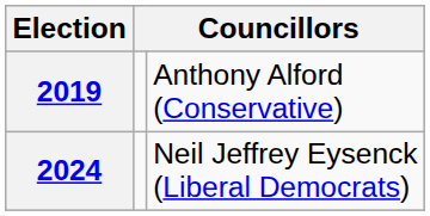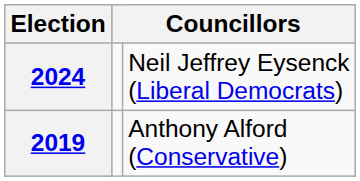 <table class="wikitable">
 <tr>
 <th>Election</th>
 <th colspan="2">Councillors</th>
 </tr>
 <tr>
+<th><a href='#'>2024</a></th>
+<td rowspan="1;" style="background-color: "></td>
+<td>Neil Jeffrey Eysenck<br>(<a href='#'>Liberal Democrats</a>)</td>
+</tr>
+<tr>
 <th><a href='#'>2019</a></th>
 <td rowspan="1" style="background-color: "></td>
 <td rowspan="1">Anthony Alford<br>(<a href='#'>Conservative</a>)</td>
 </tr>
-<tr>
-<th><a href='#'>2024</a></th>
-<td rowspan="1;" style="background-color: "></td>
-<td>Neil Jeffrey Eysenck<br>(<a href='#'>Liberal Democrats</a>)</td>
-</tr>
 </table>
